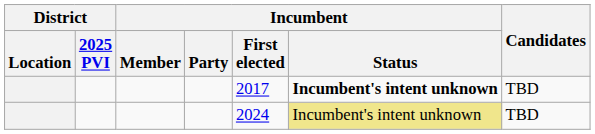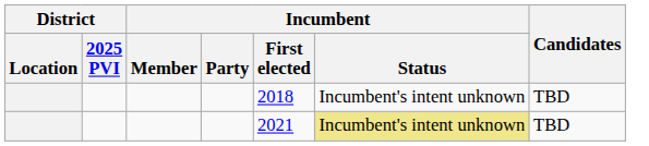 <table class="wikitable sortable">
 <tr>
 <th colspan=2>District</th>
 <th colspan=4>Incumbent</th>
 <th rowspan=2 class="unsortable">Candidates</th>
 </tr>
 <tr valign=bottom>
 <th>Location</th>
 <th><a href='#'>2025<br>PVI</a></th>
 <th>Member</th>
 <th>Party</th>
 <th>First<br>elected</th>
 <th>Status</th>
 </tr>
 <tr>
 <th></th>
 <td></td>
 <td></td>
 <td></td>
-<td><a href='#'>2017</a></td>
-<td><strong>Incumbent's intent unknown</strong></td>
+<td><a href='#'>2018</a></td>
+<td>Incumbent's intent unknown</td>
 <td>TBD</td>
 </tr>
 <tr>
 <th></th>
 <td></td>
 <td></td>
 <td></td>
-<td><a href='#'>2024</a></td>
+<td><a href='#'>2021</a></td>
 <td style="background: khaki;">Incumbent's intent unknown</td>
 <td>TBD</td>
 </tr>
 </table>
